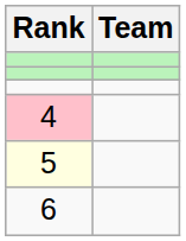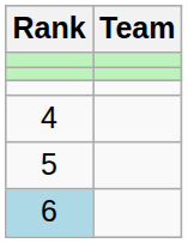 <table class=wikitable style="text-align:center;">
 <tr>
 <th>Rank</th>
 <th>Team</th>
 </tr>
 <tr bgcolor=#bbf3bb>
 <td></td>
 <td align=left></td>
 </tr>
 <tr bgcolor=#bbf3bb>
 <td></td>
 <td align=left></td>
 </tr>
 <tr>
 <td></td>
 <td align=left></td>
 </tr>
 <tr>
-<td style="background: pink;">4</td>
+<td>4</td>
 <td align=left></td>
 </tr>
 <tr>
-<td style="background: lightyellow;">5</td>
+<td>5</td>
 <td align=left></td>
 </tr>
 <tr>
-<td>6</td>
+<td style="background: lightblue;">6</td>
 <td align=left></td>
 </tr>
 </table>
